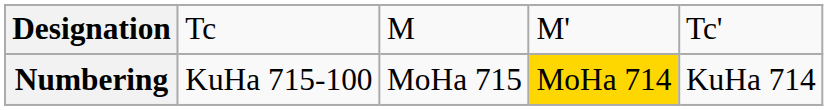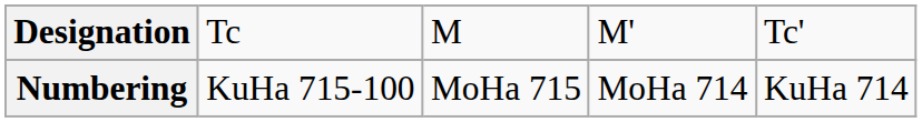 <table class="wikitable">
 <tr>
 <th>Designation</th>
 <td>Tc</td>
 <td>M</td>
 <td>M'</td>
 <td>Tc'</td>
 </tr>
 <tr>
 <th>Numbering</th>
 <td>KuHa 715-100</td>
 <td>MoHa 715</td>
-<td style="background: gold;">MoHa 714</td>
+<td>MoHa 714</td>
 <td>KuHa 714</td>
 </tr>
 </table>
